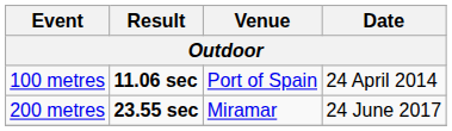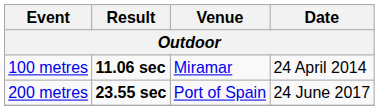 <table class="wikitable" style="border-collapse: collapse; font-size: 95%;">
 <tr>
 <th>Event</th>
 <th>Result</th>
 <th>Venue</th>
 <th>Date</th>
 </tr>
 <tr>
 <th colspan=4><em>Outdoor</em></th>
 </tr>
 <tr>
 <td><a href='#'>100 metres</a></td>
 <td><strong>11.06 sec</strong></td>
-<td> <a href='#'>Port of Spain</a></td>
+<td> <a href='#'>Miramar</a></td>
 <td>24 April 2014</td>
 </tr>
 <tr>
 <td><a href='#'>200 metres</a></td>
 <td><strong>23.55 sec</strong></td>
-<td> <a href='#'>Miramar</a></td>
+<td> <a href='#'>Port of Spain</a></td>
 <td>24 June 2017</td>
 </tr>
 <tr>
 </tr>
 </table>
